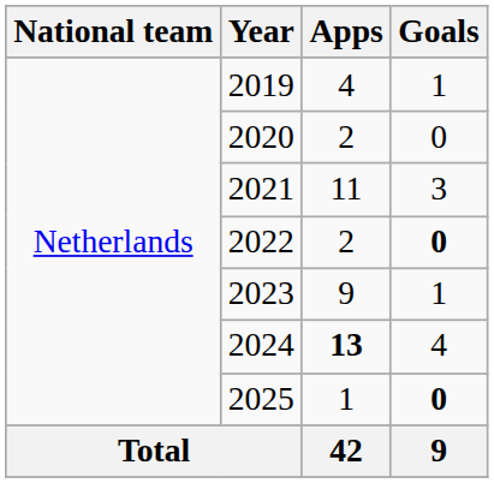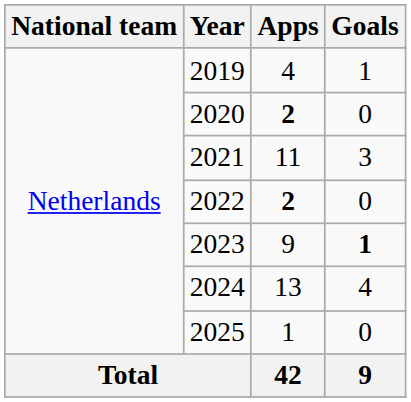 <table class=wikitable style=text-align:center>
 <tr>
 <th>National team</th>
 <th>Year</th>
 <th>Apps</th>
 <th>Goals</th>
 </tr>
 <tr>
 <td rowspan="7"><a href='#'>Netherlands</a></td>
 <td>2019</td>
 <td>4</td>
 <td>1</td>
 </tr>
 <tr>
 <td>2020</td>
-<td>2</td>
+<td><strong>2</strong></td>
 <td>0</td>
 </tr>
 <tr>
 <td>2021</td>
 <td>11</td>
 <td>3</td>
 </tr>
 <tr>
 <td>2022</td>
-<td>2</td>
-<td><strong>0</strong></td>
+<td><strong>2</strong></td>
+<td>0</td>
 </tr>
 <tr>
 <td>2023</td>
 <td>9</td>
-<td>1</td>
+<td><strong>1</strong></td>
 </tr>
 <tr>
 <td>2024</td>
-<td><strong>13</strong></td>
+<td>13</td>
 <td>4</td>
 </tr>
 <tr>
 <td>2025</td>
 <td>1</td>
-<td><strong>0</strong></td>
+<td>0</td>
 </tr>
 <tr>
 <th colspan="2">Total</th>
 <th>42</th>
 <th>9</th>
 </tr>
 </table>
